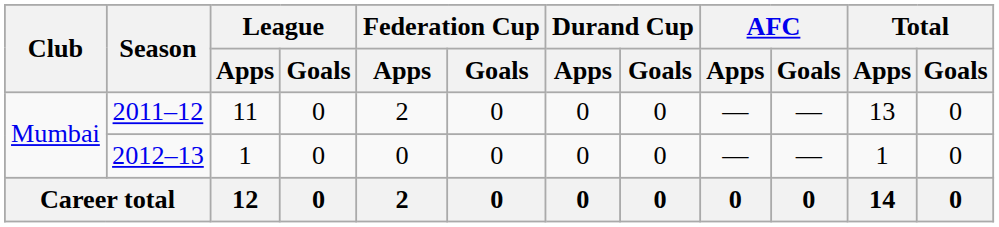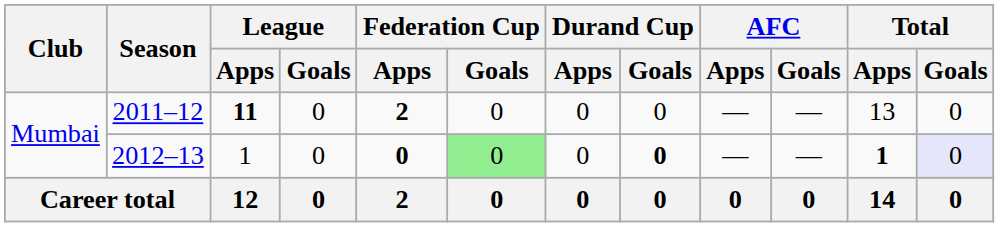 <table class="wikitable" style="font-size:90%; text-align:center;">
 <tr>
 <th rowspan="2">Club</th>
 <th rowspan="2">Season</th>
 <th colspan="2">League</th>
 <th colspan="2">Federation Cup</th>
 <th colspan="2">Durand Cup</th>
 <th colspan="2"><a href='#'>AFC</a></th>
 <th colspan="2">Total</th>
 </tr>
 <tr>
 <th>Apps</th>
 <th>Goals</th>
 <th>Apps</th>
 <th>Goals</th>
 <th>Apps</th>
 <th>Goals</th>
 <th>Apps</th>
 <th>Goals</th>
 <th>Apps</th>
 <th>Goals</th>
 </tr>
 <tr>
 <td rowspan="2"><a href='#'>Mumbai</a></td>
 <td><a href='#'>2011–12</a></td>
-<td>11</td>
+<td><strong>11</strong></td>
 <td>0</td>
-<td>2</td>
+<td><strong>2</strong></td>
 <td>0</td>
 <td>0</td>
 <td>0</td>
 <td>—</td>
 <td>—</td>
 <td>13</td>
 <td>0</td>
 </tr>
 <tr>
 <td><a href='#'>2012–13</a></td>
 <td>1</td>
 <td>0</td>
+<td><strong>0</strong></td>
+<td style="background: lightgreen;">0</td>
 <td>0</td>
-<td>0</td>
-<td>0</td>
-<td>0</td>
+<td><strong>0</strong></td>
 <td>—</td>
 <td>—</td>
-<td>1</td>
-<td>0</td>
+<td><strong>1</strong></td>
+<td style="background: lavender;">0</td>
 </tr>
 <tr>
 <th colspan="2">Career total</th>
 <th>12</th>
 <th>0</th>
 <th>2</th>
 <th>0</th>
 <th>0</th>
 <th>0</th>
 <th>0</th>
 <th>0</th>
 <th>14</th>
 <th>0</th>
 </tr>
 </table>
